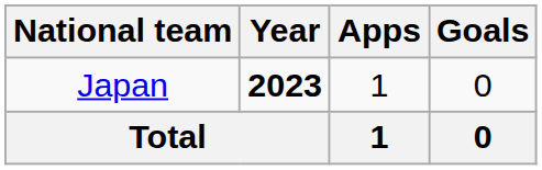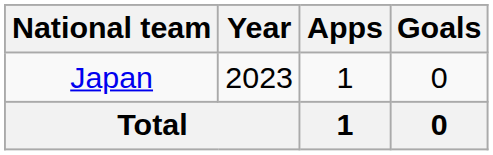 <table class="wikitable" style="text-align:center">
 <tr>
 <th>National team</th>
 <th>Year</th>
 <th>Apps</th>
 <th>Goals</th>
 </tr>
 <tr>
 <td rowspan="1"><a href='#'>Japan</a></td>
-<td><strong>2023</strong></td>
+<td>2023</td>
 <td>1</td>
 <td>0</td>
 </tr>
 <tr>
 <th colspan="2">Total</th>
 <th>1</th>
 <th>0</th>
 </tr>
 </table>
